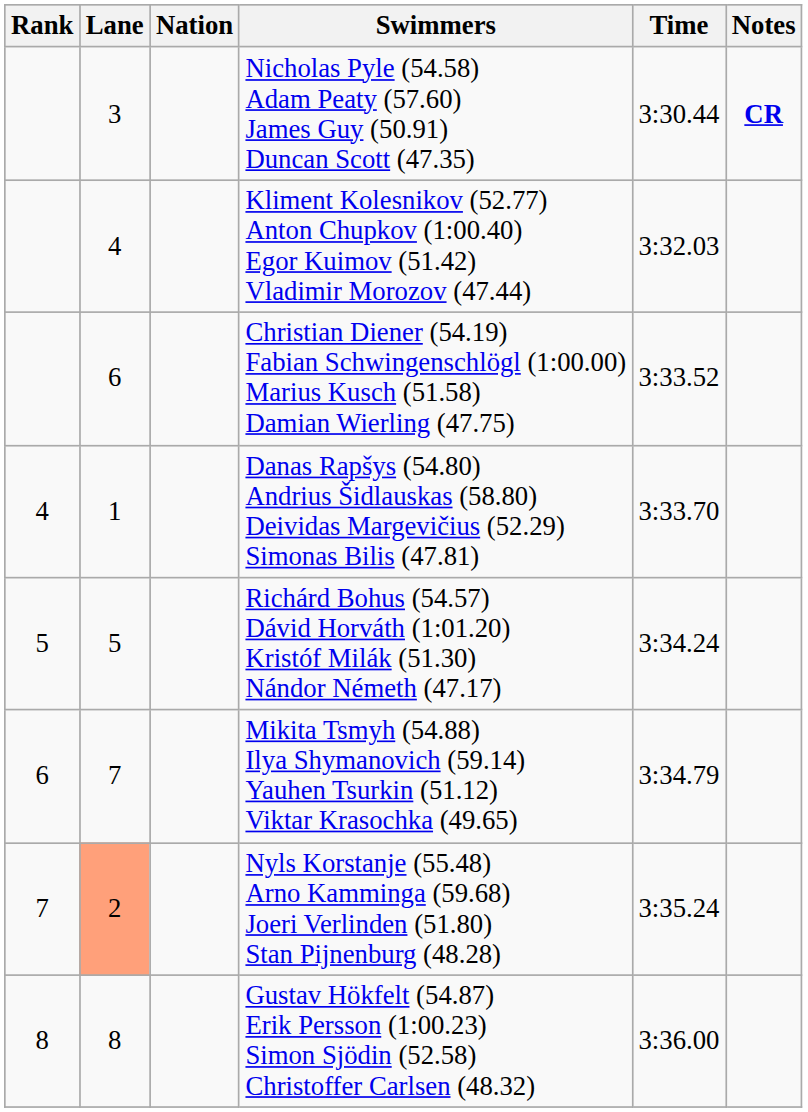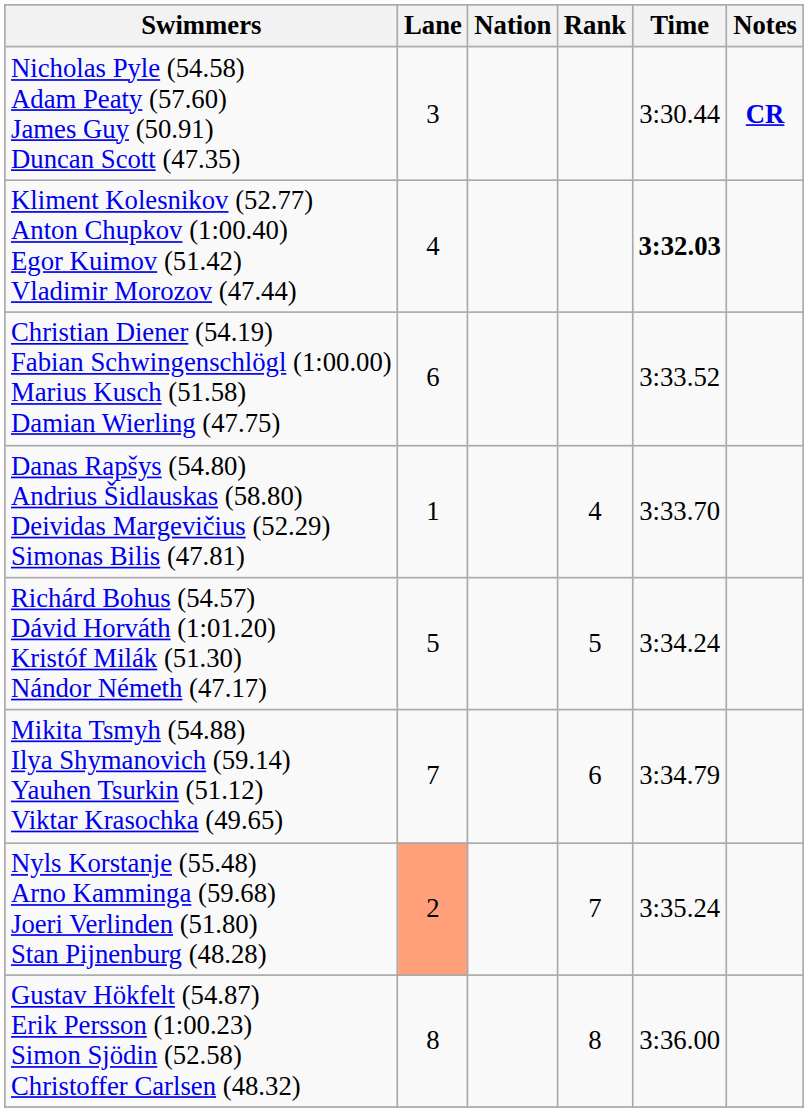 <table class="wikitable sortable" style="text-align:center">
 <tr>
-<th>Rank</th>
+<th>Swimmers</th>
 <th>Lane</th>
 <th>Nation</th>
-<th>Swimmers</th>
+<th>Rank</th>
 <th>Time</th>
 <th>Notes</th>
 </tr>
 <tr>
-<td></td>
+<td align=left><a href='#'>Nicholas Pyle</a> (54.58)<br><a href='#'>Adam Peaty</a> (57.60)<br><a href='#'>James Guy</a> (50.91)<br><a href='#'>Duncan Scott</a> (47.35)</td>
 <td>3</td>
 <td align=left></td>
-<td align=left><a href='#'>Nicholas Pyle</a> (54.58)<br><a href='#'>Adam Peaty</a> (57.60)<br><a href='#'>James Guy</a> (50.91)<br><a href='#'>Duncan Scott</a> (47.35)</td>
+<td></td>
 <td>3:30.44</td>
 <td><strong><a href='#'>CR</a></strong></td>
 </tr>
 <tr>
-<td></td>
+<td align=left><a href='#'>Kliment Kolesnikov</a> (52.77)<br><a href='#'>Anton Chupkov</a> (1:00.40)<br><a href='#'>Egor Kuimov</a> (51.42)<br><a href='#'>Vladimir Morozov</a> (47.44)</td>
 <td>4</td>
 <td align=left></td>
-<td align=left><a href='#'>Kliment Kolesnikov</a> (52.77)<br><a href='#'>Anton Chupkov</a> (1:00.40)<br><a href='#'>Egor Kuimov</a> (51.42)<br><a href='#'>Vladimir Morozov</a> (47.44)</td>
-<td>3:32.03</td>
+<td></td>
+<td><strong>3:32.03</strong></td>
 <td></td>
 </tr>
 <tr>
-<td></td>
+<td align=left><a href='#'>Christian Diener</a> (54.19)<br><a href='#'>Fabian Schwingenschlögl</a> (1:00.00)<br><a href='#'>Marius Kusch</a> (51.58)<br><a href='#'>Damian Wierling</a> (47.75)</td>
 <td>6</td>
 <td align="left"></td>
-<td align=left><a href='#'>Christian Diener</a> (54.19)<br><a href='#'>Fabian Schwingenschlögl</a> (1:00.00)<br><a href='#'>Marius Kusch</a> (51.58)<br><a href='#'>Damian Wierling</a> (47.75)</td>
+<td></td>
 <td>3:33.52</td>
 <td></td>
 </tr>
 <tr>
-<td>4</td>
+<td align=left><a href='#'>Danas Rapšys</a> (54.80)<br><a href='#'>Andrius Šidlauskas</a> (58.80)<br><a href='#'>Deividas Margevičius</a> (52.29)<br><a href='#'>Simonas Bilis</a> (47.81)</td>
 <td>1</td>
 <td align="left"></td>
-<td align=left><a href='#'>Danas Rapšys</a> (54.80)<br><a href='#'>Andrius Šidlauskas</a> (58.80)<br><a href='#'>Deividas Margevičius</a> (52.29)<br><a href='#'>Simonas Bilis</a> (47.81)</td>
+<td>4</td>
 <td>3:33.70</td>
 <td></td>
 </tr>
 <tr>
-<td>5</td>
+<td align=left><a href='#'>Richárd Bohus</a> (54.57)<br><a href='#'>Dávid Horváth</a> (1:01.20)<br><a href='#'>Kristóf Milák</a> (51.30)<br><a href='#'>Nándor Németh</a> (47.17)</td>
 <td>5</td>
 <td align=left></td>
-<td align=left><a href='#'>Richárd Bohus</a> (54.57)<br><a href='#'>Dávid Horváth</a> (1:01.20)<br><a href='#'>Kristóf Milák</a> (51.30)<br><a href='#'>Nándor Németh</a> (47.17)</td>
+<td>5</td>
 <td>3:34.24</td>
 <td></td>
 </tr>
 <tr>
-<td>6</td>
+<td align=left><a href='#'>Mikita Tsmyh</a> (54.88)<br><a href='#'>Ilya Shymanovich</a> (59.14)<br><a href='#'>Yauhen Tsurkin</a> (51.12)<br><a href='#'>Viktar Krasochka</a> (49.65)</td>
 <td>7</td>
 <td align=left></td>
-<td align=left><a href='#'>Mikita Tsmyh</a> (54.88)<br><a href='#'>Ilya Shymanovich</a> (59.14)<br><a href='#'>Yauhen Tsurkin</a> (51.12)<br><a href='#'>Viktar Krasochka</a> (49.65)</td>
+<td>6</td>
 <td>3:34.79</td>
 <td></td>
 </tr>
 <tr>
-<td>7</td>
+<td align=left><a href='#'>Nyls Korstanje</a> (55.48)<br><a href='#'>Arno Kamminga</a> (59.68)<br><a href='#'>Joeri Verlinden</a> (51.80)<br><a href='#'>Stan Pijnenburg</a> (48.28)</td>
 <td style="background: lightsalmon;">2</td>
 <td align=left></td>
-<td align=left><a href='#'>Nyls Korstanje</a> (55.48)<br><a href='#'>Arno Kamminga</a> (59.68)<br><a href='#'>Joeri Verlinden</a> (51.80)<br><a href='#'>Stan Pijnenburg</a> (48.28)</td>
+<td>7</td>
 <td>3:35.24</td>
 <td></td>
 </tr>
 <tr>
-<td>8</td>
+<td align=left><a href='#'>Gustav Hökfelt</a> (54.87)<br><a href='#'>Erik Persson</a> (1:00.23)<br><a href='#'>Simon Sjödin</a> (52.58)<br><a href='#'>Christoffer Carlsen</a> (48.32)</td>
 <td>8</td>
 <td align=left></td>
-<td align=left><a href='#'>Gustav Hökfelt</a> (54.87)<br><a href='#'>Erik Persson</a> (1:00.23)<br><a href='#'>Simon Sjödin</a> (52.58)<br><a href='#'>Christoffer Carlsen</a> (48.32)</td>
+<td>8</td>
 <td>3:36.00</td>
 <td></td>
 </tr>
 </table>
